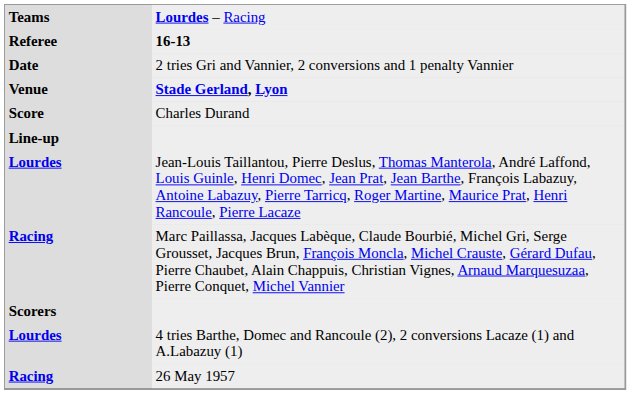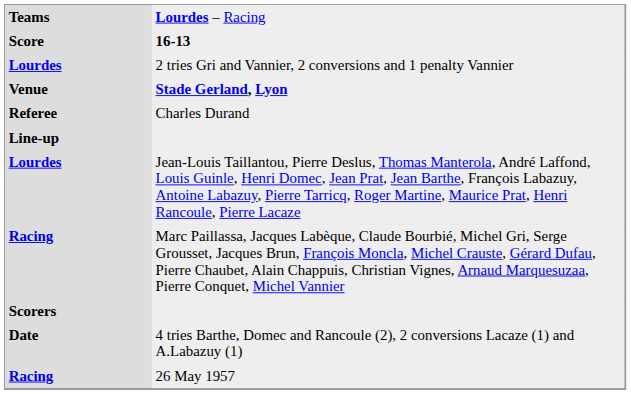 <table align="left" cellpadding="4" cellspacing="0"  style="margin: 0 0 0 0; border: 1px solid #999; border-right-width: 2px; border-bottom-width: 2px; background-color: #DDDDDD">
 <tr>
 <td width="150" valign="top"><strong>Teams</strong></td>
 <td width="500" bgcolor=#EEEEEE><strong><a href='#'>Lourdes</a></strong> – <a href='#'>Racing</a></td>
 </tr>
 <tr>
-<td valign="top"><strong>Referee</strong></td>
+<td valign="top"><strong>Score</strong></td>
 <td bgcolor=#EEEEEE><strong>16-13</strong></td>
 </tr>
 <tr>
-<td valign="top"><strong>Date</strong></td>
+<td valign="top"><strong><a href='#'>Lourdes</a>  </strong></td>
 <td bgcolor=#EEEEEE>2 tries Gri and Vannier, 2 conversions and 1 penalty Vannier</td>
 </tr>
 <tr>
 <td valign="top"><strong>Venue</strong></td>
 <td bgcolor=#EEEEEE><strong><a href='#'>Stade Gerland</a>,  <a href='#'>Lyon</a></strong></td>
 </tr>
 <tr>
-<td valign="top"><strong>Score</strong></td>
+<td valign="top"><strong>Referee</strong></td>
 <td bgcolor=#EEEEEE>Charles Durand</td>
 </tr>
 <tr>
 <td valign="top"><strong>Line-up</strong></td>
 <td bgcolor=#EEEEEE></td>
 </tr>
 <tr>
 <td valign="top"><strong> <a href='#'>Lourdes</a> </strong></td>
 <td bgcolor=#EEEEEE>Jean-Louis Taillantou, Pierre Deslus, <a href='#'>Thomas Manterola</a>, André Laffond, <a href='#'>Louis Guinle</a>, <a href='#'>Henri Domec</a>, <a href='#'>Jean Prat</a>, <a href='#'>Jean Barthe</a>, François Labazuy, <a href='#'>Antoine Labazuy</a>, <a href='#'>Pierre Tarricq</a>, <a href='#'>Roger Martine</a>, <a href='#'>Maurice Prat</a>, <a href='#'>Henri Rancoule</a>, <a href='#'>Pierre Lacaze</a></td>
 </tr>
 <tr>
 <td valign="top"><strong><a href='#'>Racing</a></strong></td>
 <td bgcolor=#EEEEEE>Marc Paillassa,   Jacques Labèque, Claude Bourbié, Michel Gri, Serge Grousset, Jacques Brun, <a href='#'>François Moncla</a>, <a href='#'>Michel Crauste</a>, <a href='#'>Gérard Dufau</a>, Pierre Chaubet, Alain Chappuis, Christian Vignes, <a href='#'>Arnaud Marquesuzaa</a>, Pierre Conquet, <a href='#'>Michel Vannier</a></td>
 </tr>
 <tr>
 <td valign="top"><strong>Scorers</strong></td>
 <td bgcolor=#EEEEEE></td>
 </tr>
 <tr>
-<td valign="top"><strong><a href='#'>Lourdes</a>  </strong></td>
+<td valign="top"><strong>Date</strong></td>
 <td bgcolor=#EEEEEE>4 tries Barthe, Domec and Rancoule (2), 2 conversions Lacaze (1) and A.Labazuy (1)</td>
 </tr>
 <tr>
 <td valign="top"><strong><a href='#'>Racing</a></strong></td>
 <td bgcolor=#EEEEEE>26 May 1957</td>
 </tr>
 </table>
